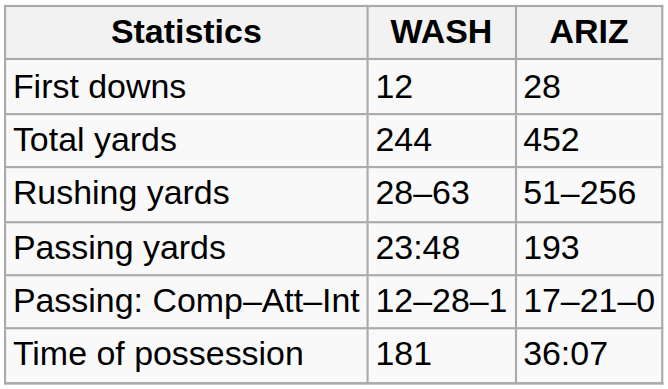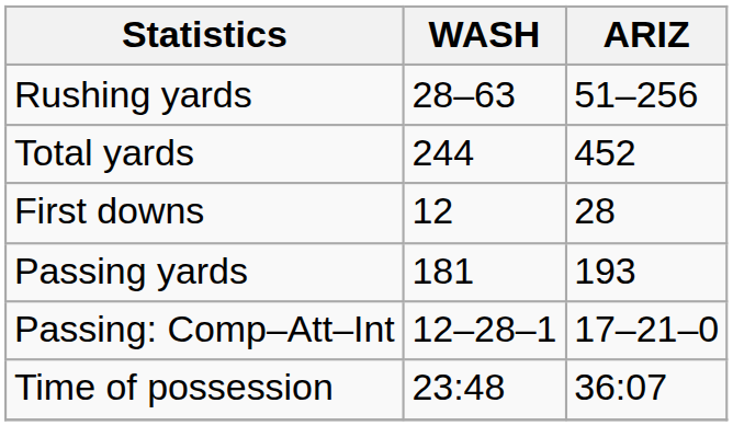 <table class="wikitable" style="float: left;">
 <tr>
 <th>Statistics</th>
 <th>WASH</th>
 <th>ARIZ</th>
 </tr>
 <tr>
-<td>First downs</td>
-<td>12</td>
-<td>28</td>
+<td>Rushing yards</td>
+<td>28–63</td>
+<td>51–256</td>
 </tr>
 <tr>
 <td>Total yards</td>
 <td>244</td>
 <td>452</td>
 </tr>
 <tr>
-<td>Rushing yards</td>
-<td>28–63</td>
-<td>51–256</td>
+<td>First downs</td>
+<td>12</td>
+<td>28</td>
 </tr>
 <tr>
 <td>Passing yards</td>
-<td>23:48</td>
+<td>181</td>
 <td>193</td>
 </tr>
 <tr>
 <td>Passing: Comp–Att–Int</td>
 <td>12–28–1</td>
 <td>17–21–0</td>
 </tr>
 <tr>
 <td>Time of possession</td>
-<td>181</td>
+<td>23:48</td>
 <td>36:07</td>
 </tr>
 <tr>
 </tr>
 </table>
